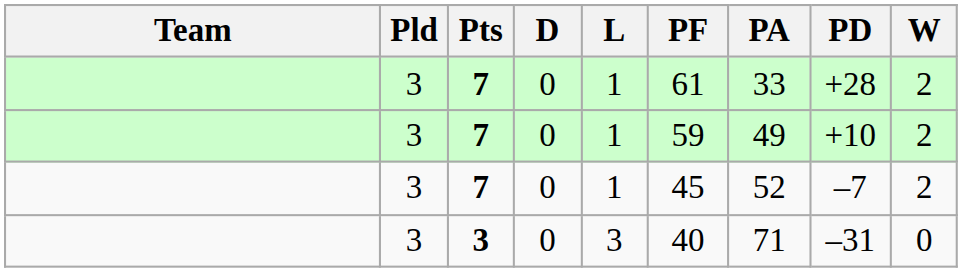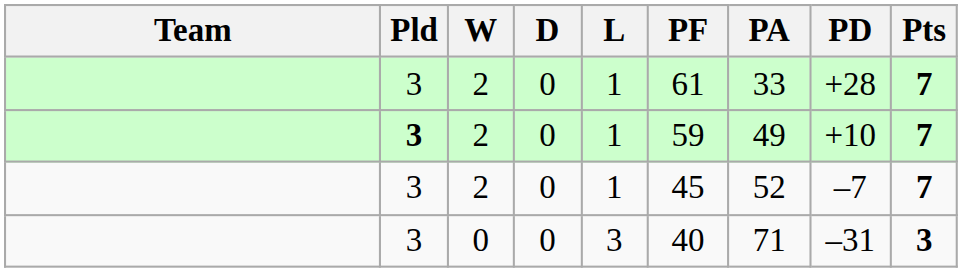 <table class="wikitable" style="text-align:center;">
 <tr>
 <th width=175>Team</th>
 <th width=25 abbr="Played">Pld</th>
-<th width=25 abbr="Points">Pts</th>
+<th width=25 abbr="Won">W</th>
 <th width=25 abbr="Drawn">D</th>
 <th width=25 abbr="Lost">L</th>
 <th width=32 abbr="Points for">PF</th>
 <th width=32 abbr="Points against">PA</th>
 <th width=32 abbr="Points difference">PD</th>
-<th width=25 abbr="Won">W</th>
+<th width=25 abbr="Points">Pts</th>
 </tr>
 <tr bgcolor=ccffcc>
 <td align=left></td>
 <td>3</td>
-<td><strong>7</strong></td>
+<td>2</td>
 <td>0</td>
 <td>1</td>
 <td>61</td>
 <td>33</td>
 <td>+28</td>
-<td>2</td>
+<td><strong>7</strong></td>
 </tr>
 <tr bgcolor=ccffcc>
 <td align=left></td>
-<td>3</td>
-<td><strong>7</strong></td>
+<td><strong>3</strong></td>
+<td>2</td>
 <td>0</td>
 <td>1</td>
 <td>59</td>
 <td>49</td>
 <td>+10</td>
-<td>2</td>
+<td><strong>7</strong></td>
 </tr>
 <tr>
 <td align=left></td>
 <td>3</td>
-<td><strong>7</strong></td>
+<td>2</td>
 <td>0</td>
 <td>1</td>
 <td>45</td>
 <td>52</td>
 <td>–7</td>
-<td>2</td>
+<td><strong>7</strong></td>
 </tr>
 <tr>
 <td align=left></td>
 <td>3</td>
-<td><strong>3</strong></td>
+<td>0</td>
 <td>0</td>
 <td>3</td>
 <td>40</td>
 <td>71</td>
 <td>–31</td>
-<td>0</td>
+<td><strong>3</strong></td>
 </tr>
 </table>
